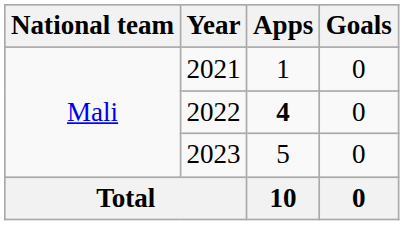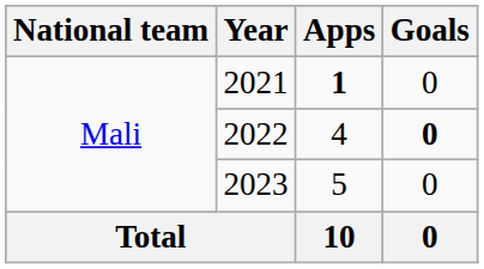 <table class="wikitable" style="text-align:center">
 <tr>
 <th>National team</th>
 <th>Year</th>
 <th>Apps</th>
 <th>Goals</th>
 </tr>
 <tr>
 <td rowspan="3"><a href='#'>Mali</a></td>
 <td>2021</td>
-<td>1</td>
+<td><strong>1</strong></td>
 <td>0</td>
 </tr>
 <tr>
 <td>2022</td>
-<td><strong>4</strong></td>
-<td>0</td>
+<td>4</td>
+<td><strong>0</strong></td>
 </tr>
 <tr>
 <td>2023</td>
 <td>5</td>
 <td>0</td>
 </tr>
 <tr>
 <th colspan="2">Total</th>
 <th>10</th>
 <th>0</th>
 </tr>
 </table>
